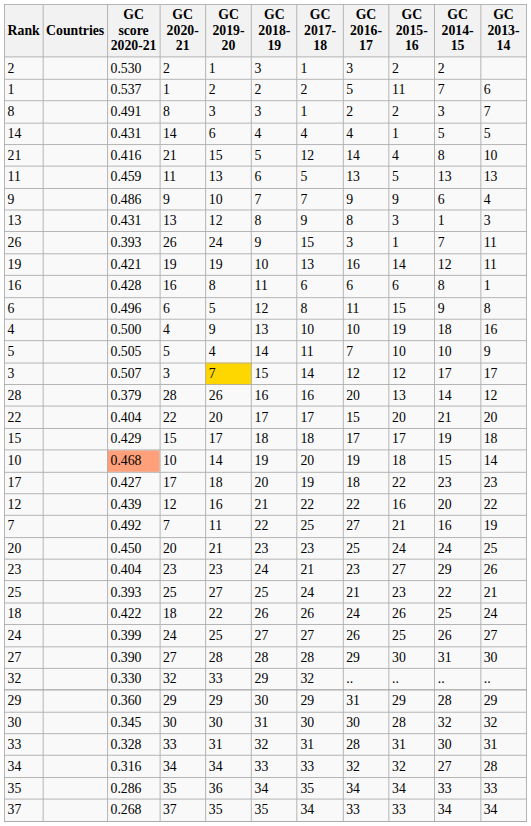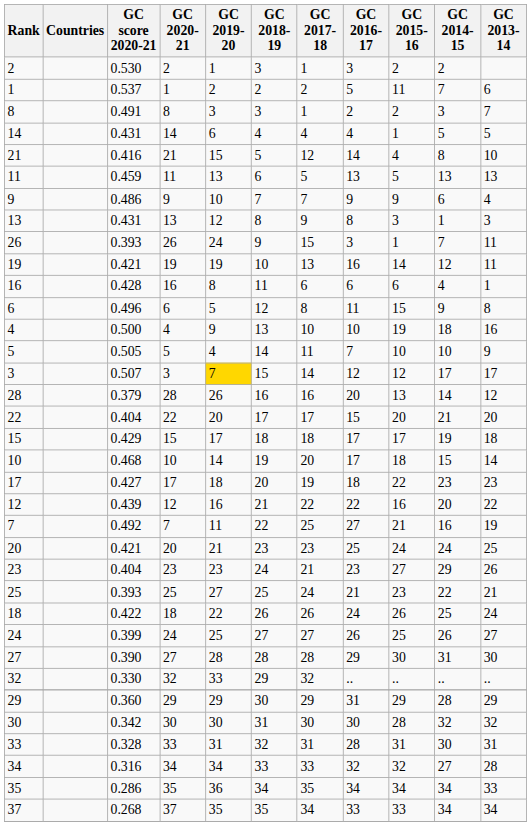 <table class="wikitable sortable">
 <tr>
 <th>Rank</th>
 <th>Countries</th>
 <th>GC score 2020-21</th>
 <th>GC 2020-21</th>
 <th>GC 2019-20</th>
 <th>GC 2018-19</th>
 <th>GC 2017-18</th>
 <th>GC 2016-17</th>
 <th>GC 2015-16</th>
 <th>GC 2014-15</th>
 <th>GC 2013-14</th>
 </tr>
 <tr>
 <td>2</td>
 <td></td>
 <td>0.530</td>
 <td>2</td>
 <td>1</td>
 <td>3</td>
 <td>1</td>
 <td>3</td>
 <td>2</td>
 <td>2</td>
 </tr>
 <tr>
 <td>1</td>
 <td></td>
 <td>0.537</td>
 <td>1</td>
 <td>2</td>
 <td>2</td>
 <td>2</td>
 <td>5</td>
 <td>11</td>
 <td>7</td>
 <td>6</td>
 </tr>
 <tr>
 <td>8</td>
 <td></td>
 <td>0.491</td>
 <td>8</td>
 <td>3</td>
 <td>3</td>
 <td>1</td>
 <td>2</td>
 <td>2</td>
 <td>3</td>
 <td>7</td>
 </tr>
 <tr>
 <td>14</td>
 <td></td>
 <td>0.431</td>
 <td>14</td>
 <td>6</td>
 <td>4</td>
 <td>4</td>
 <td>4</td>
 <td>1</td>
 <td>5</td>
 <td>5</td>
 </tr>
 <tr>
 <td>21</td>
 <td></td>
 <td>0.416</td>
 <td>21</td>
 <td>15</td>
 <td>5</td>
 <td>12</td>
 <td>14</td>
 <td>4</td>
 <td>8</td>
 <td>10</td>
 </tr>
 <tr>
 <td>11</td>
 <td></td>
 <td>0.459</td>
 <td>11</td>
 <td>13</td>
 <td>6</td>
 <td>5</td>
 <td>13</td>
 <td>5</td>
 <td>13</td>
 <td>13</td>
 </tr>
 <tr>
 <td>9</td>
 <td></td>
 <td>0.486</td>
 <td>9</td>
 <td>10</td>
 <td>7</td>
 <td>7</td>
 <td>9</td>
 <td>9</td>
 <td>6</td>
 <td>4</td>
 </tr>
 <tr>
 <td>13</td>
 <td></td>
 <td>0.431</td>
 <td>13</td>
 <td>12</td>
 <td>8</td>
 <td>9</td>
 <td>8</td>
 <td>3</td>
 <td>1</td>
 <td>3</td>
 </tr>
 <tr>
 <td>26</td>
 <td></td>
 <td>0.393</td>
 <td>26</td>
 <td>24</td>
 <td>9</td>
 <td>15</td>
 <td>3</td>
 <td>1</td>
 <td>7</td>
 <td>11</td>
 </tr>
 <tr>
 <td>19</td>
 <td></td>
 <td>0.421</td>
 <td>19</td>
 <td>19</td>
 <td>10</td>
 <td>13</td>
 <td>16</td>
 <td>14</td>
 <td>12</td>
 <td>11</td>
 </tr>
 <tr>
 <td>16</td>
 <td></td>
 <td>0.428</td>
 <td>16</td>
 <td>8</td>
 <td>11</td>
 <td>6</td>
 <td>6</td>
 <td>6</td>
-<td>8</td>
+<td>4</td>
 <td>1</td>
 </tr>
 <tr>
 <td>6</td>
 <td></td>
 <td>0.496</td>
 <td>6</td>
 <td>5</td>
 <td>12</td>
 <td>8</td>
 <td>11</td>
 <td>15</td>
 <td>9</td>
 <td>8</td>
 </tr>
 <tr>
 <td>4</td>
 <td></td>
 <td>0.500</td>
 <td>4</td>
 <td>9</td>
 <td>13</td>
 <td>10</td>
 <td>10</td>
 <td>19</td>
 <td>18</td>
 <td>16</td>
 </tr>
 <tr>
 <td>5</td>
 <td></td>
 <td>0.505</td>
 <td>5</td>
 <td>4</td>
 <td>14</td>
 <td>11</td>
 <td>7</td>
 <td>10</td>
 <td>10</td>
 <td>9</td>
 </tr>
 <tr>
 <td>3</td>
 <td></td>
 <td>0.507</td>
 <td>3</td>
 <td style="background: gold;">7</td>
 <td>15</td>
 <td>14</td>
 <td>12</td>
 <td>12</td>
 <td>17</td>
 <td>17</td>
 </tr>
 <tr>
 <td>28</td>
 <td></td>
 <td>0.379</td>
 <td>28</td>
 <td>26</td>
 <td>16</td>
 <td>16</td>
 <td>20</td>
 <td>13</td>
 <td>14</td>
 <td>12</td>
 </tr>
 <tr>
 <td>22</td>
 <td></td>
 <td>0.404</td>
 <td>22</td>
 <td>20</td>
 <td>17</td>
 <td>17</td>
 <td>15</td>
 <td>20</td>
 <td>21</td>
 <td>20</td>
 </tr>
 <tr>
 <td>15</td>
 <td></td>
 <td>0.429</td>
 <td>15</td>
 <td>17</td>
 <td>18</td>
 <td>18</td>
 <td>17</td>
 <td>17</td>
 <td>19</td>
 <td>18</td>
 </tr>
 <tr>
 <td>10</td>
 <td></td>
-<td style="background: lightsalmon;">0.468</td>
+<td>0.468</td>
 <td>10</td>
 <td>14</td>
 <td>19</td>
 <td>20</td>
-<td>19</td>
+<td>17</td>
 <td>18</td>
 <td>15</td>
 <td>14</td>
 </tr>
 <tr>
 <td>17</td>
 <td></td>
 <td>0.427</td>
 <td>17</td>
 <td>18</td>
 <td>20</td>
 <td>19</td>
 <td>18</td>
 <td>22</td>
 <td>23</td>
 <td>23</td>
 </tr>
 <tr>
 <td>12</td>
 <td></td>
 <td>0.439</td>
 <td>12</td>
 <td>16</td>
 <td>21</td>
 <td>22</td>
 <td>22</td>
 <td>16</td>
 <td>20</td>
 <td>22</td>
 </tr>
 <tr>
 <td>7</td>
 <td></td>
 <td>0.492</td>
 <td>7</td>
 <td>11</td>
 <td>22</td>
 <td>25</td>
 <td>27</td>
 <td>21</td>
 <td>16</td>
 <td>19</td>
 </tr>
 <tr>
 <td>20</td>
 <td></td>
-<td>0.450</td>
+<td>0.421</td>
 <td>20</td>
 <td>21</td>
 <td>23</td>
 <td>23</td>
 <td>25</td>
 <td>24</td>
 <td>24</td>
 <td>25</td>
 </tr>
 <tr>
 <td>23</td>
 <td></td>
 <td>0.404</td>
 <td>23</td>
 <td>23</td>
 <td>24</td>
 <td>21</td>
 <td>23</td>
 <td>27</td>
 <td>29</td>
 <td>26</td>
 </tr>
 <tr>
 <td>25</td>
 <td></td>
 <td>0.393</td>
 <td>25</td>
 <td>27</td>
 <td>25</td>
 <td>24</td>
 <td>21</td>
 <td>23</td>
 <td>22</td>
 <td>21</td>
 </tr>
 <tr>
 <td>18</td>
 <td></td>
 <td>0.422</td>
 <td>18</td>
 <td>22</td>
 <td>26</td>
 <td>26</td>
 <td>24</td>
 <td>26</td>
 <td>25</td>
 <td>24</td>
 </tr>
 <tr>
 <td>24</td>
 <td></td>
 <td>0.399</td>
 <td>24</td>
 <td>25</td>
 <td>27</td>
 <td>27</td>
 <td>26</td>
 <td>25</td>
 <td>26</td>
 <td>27</td>
 </tr>
 <tr>
 <td>27</td>
 <td></td>
 <td>0.390</td>
 <td>27</td>
 <td>28</td>
 <td>28</td>
 <td>28</td>
 <td>29</td>
 <td>30</td>
 <td>31</td>
 <td>30</td>
 </tr>
 <tr>
 <td>32</td>
 <td></td>
 <td>0.330</td>
 <td>32</td>
 <td>33</td>
 <td>29</td>
 <td>32</td>
 <td>..</td>
 <td>..</td>
 <td>..</td>
 <td>..</td>
 </tr>
 <tr>
 </tr>
 <tr>
 <td>29</td>
 <td></td>
 <td>0.360</td>
 <td>29</td>
 <td>29</td>
 <td>30</td>
 <td>29</td>
 <td>31</td>
 <td>29</td>
 <td>28</td>
 <td>29</td>
 </tr>
 <tr>
 <td>30</td>
 <td></td>
-<td>0.345</td>
+<td>0.342</td>
 <td>30</td>
 <td>30</td>
 <td>31</td>
 <td>30</td>
 <td>30</td>
 <td>28</td>
 <td>32</td>
 <td>32</td>
 </tr>
 <tr>
 <td>33</td>
 <td></td>
 <td>0.328</td>
 <td>33</td>
 <td>31</td>
 <td>32</td>
 <td>31</td>
 <td>28</td>
 <td>31</td>
 <td>30</td>
 <td>31</td>
 </tr>
 <tr>
 <td>34</td>
 <td></td>
 <td>0.316</td>
 <td>34</td>
 <td>34</td>
 <td>33</td>
 <td>33</td>
 <td>32</td>
 <td>32</td>
 <td>27</td>
 <td>28</td>
 </tr>
 <tr>
 <td>35</td>
 <td></td>
 <td>0.286</td>
 <td>35</td>
 <td>36</td>
 <td>34</td>
 <td>35</td>
 <td>34</td>
 <td>34</td>
-<td>33</td>
+<td>34</td>
 <td>33</td>
 </tr>
 <tr>
 <td>37</td>
 <td></td>
 <td>0.268</td>
 <td>37</td>
 <td>35</td>
 <td>35</td>
 <td>34</td>
 <td>33</td>
 <td>33</td>
 <td>34</td>
 <td>34</td>
 </tr>
 <tr>
 </tr>
 </table>
